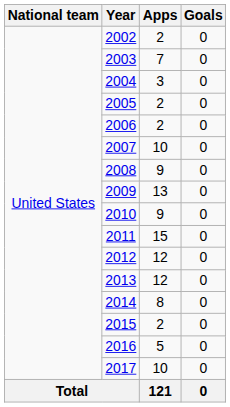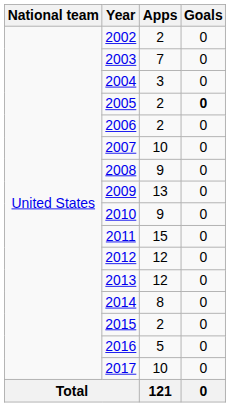 <table class="wikitable" style="text-align:center">
 <tr>
 <th>National team</th>
 <th>Year</th>
 <th>Apps</th>
 <th>Goals</th>
 </tr>
 <tr>
 <td rowspan="16"><a href='#'>United States</a></td>
 <td><a href='#'>2002</a></td>
 <td>2</td>
 <td>0</td>
 </tr>
 <tr>
 <td><a href='#'>2003</a></td>
 <td>7</td>
 <td>0</td>
 </tr>
 <tr>
 <td><a href='#'>2004</a></td>
 <td>3</td>
 <td>0</td>
 </tr>
 <tr>
 <td><a href='#'>2005</a></td>
 <td>2</td>
-<td>0</td>
+<td><strong>0</strong></td>
 </tr>
 <tr>
 <td><a href='#'>2006</a></td>
 <td>2</td>
 <td>0</td>
 </tr>
 <tr>
 <td><a href='#'>2007</a></td>
 <td>10</td>
 <td>0</td>
 </tr>
 <tr>
 <td><a href='#'>2008</a></td>
 <td>9</td>
 <td>0</td>
 </tr>
 <tr>
 <td><a href='#'>2009</a></td>
 <td>13</td>
 <td>0</td>
 </tr>
 <tr>
 <td><a href='#'>2010</a></td>
 <td>9</td>
 <td>0</td>
 </tr>
 <tr>
 <td><a href='#'>2011</a></td>
 <td>15</td>
 <td>0</td>
 </tr>
 <tr>
 <td><a href='#'>2012</a></td>
 <td>12</td>
 <td>0</td>
 </tr>
 <tr>
 <td><a href='#'>2013</a></td>
 <td>12</td>
 <td>0</td>
 </tr>
 <tr>
 <td><a href='#'>2014</a></td>
 <td>8</td>
 <td>0</td>
 </tr>
 <tr>
 <td><a href='#'>2015</a></td>
 <td>2</td>
 <td>0</td>
 </tr>
 <tr>
 <td><a href='#'>2016</a></td>
 <td>5</td>
 <td>0</td>
 </tr>
 <tr>
 <td><a href='#'>2017</a></td>
 <td>10</td>
 <td>0</td>
 </tr>
 <tr>
 <th colspan="2">Total</th>
 <th>121</th>
 <th>0</th>
 </tr>
 </table>
